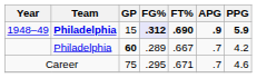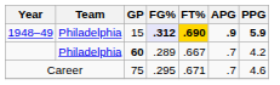 <table class="wikitable sortable" style="font-size:95%; text-align:right;">
 <tr>
 <th>Year</th>
 <th>Team</th>
 <th>GP</th>
 <th>FG%</th>
 <th>FT%</th>
 <th>APG</th>
 <th>PPG</th>
 </tr>
 <tr>
 <td style="text-align:left;"><a href='#'>1948–49</a></td>
-<td style="text-align:left;"><strong><a href='#'>Philadelphia</a></strong></td>
+<td style="text-align:left;"><a href='#'>Philadelphia</a></td>
 <td>15</td>
 <td style="background: lavender;"><strong>.312</strong></td>
-<td><strong>.690</strong></td>
+<td style="background: gold;"><strong>.690</strong></td>
 <td><strong>.9</strong></td>
 <td><strong>5.9</strong></td>
 </tr>
 <tr>
 <td style="text-align:left;"></td>
 <td style="text-align:left;"><a href='#'>Philadelphia</a></td>
 <td><strong>60</strong></td>
 <td>.289</td>
 <td>.667</td>
 <td>.7</td>
 <td>4.2</td>
 </tr>
 <tr>
 <td style="text-align:center;" colspan="2">Career</td>
 <td>75</td>
 <td>.295</td>
 <td>.671</td>
 <td>.7</td>
 <td>4.6</td>
 </tr>
 <tr>
 </tr>
 </table>
